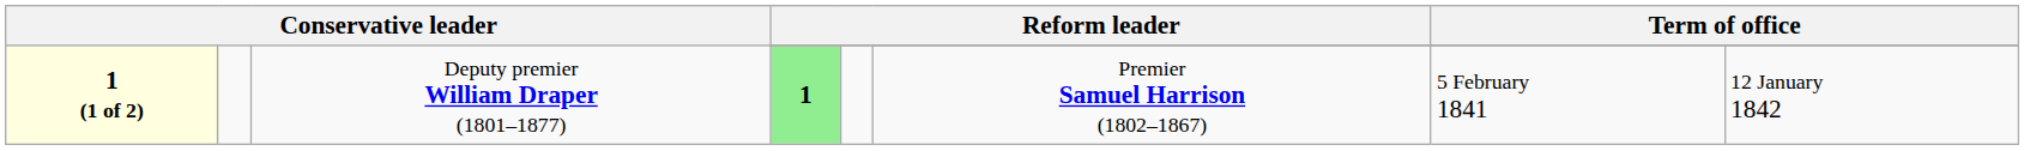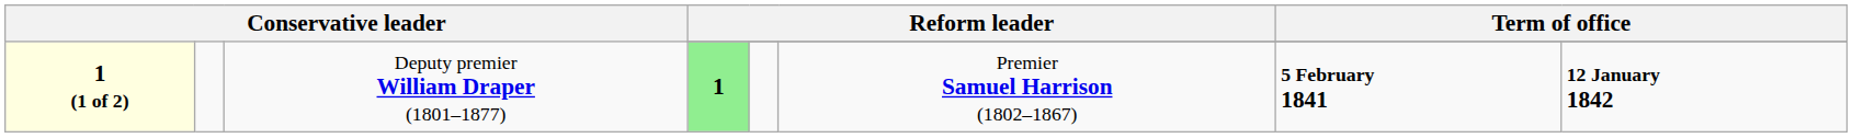 <table class="wikitable" width="100%">
 <tr>
 <th colspan="3">Conservative leader</th>
 <th colspan="3">Reform leader</th>
 <th colspan="2">Term of office</th>
 </tr>
 <tr>
 <td bgcolor=#ffffe0 rowspan="2" align="center"><strong>1<br><small>(1 of 2)</small></strong></td>
 <td rowspan="2" align="center"></td>
 <td rowspan="2" align="center"><small>Deputy premier </small><br><strong><a href='#'>William Draper</a></strong><br><small>(1801–1877)</small></td>
 </tr>
 <tr>
 <td bgcolor=#90ee90 align="center"><strong>1</strong></td>
 <td align="center"></td>
 <td align="center"><small>Premier</small><br><strong><a href='#'>Samuel Harrison</a></strong><br><small>(1802–1867)</small></td>
-<td><small>5 February</small><br>1841</td>
-<td><small>12 January</small><br>1842</td>
+<td><strong><small>5 February</small><br>1841</strong></td>
+<td><strong><small>12 January</small><br>1842</strong></td>
 </tr>
 </table>
